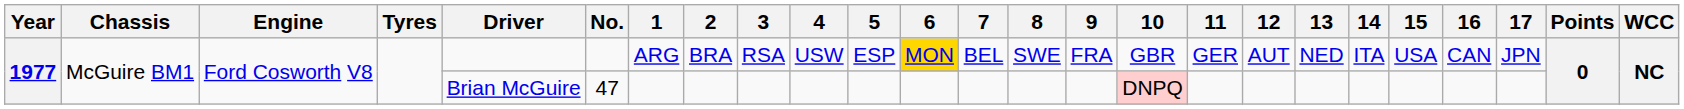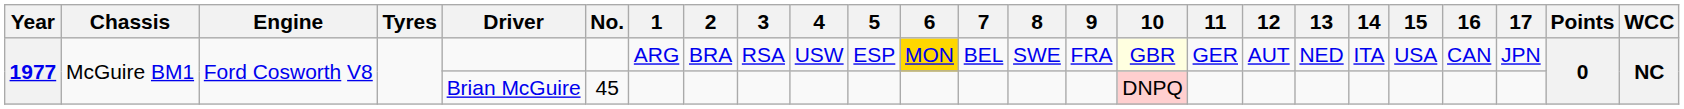 <table class="wikitable" style="text-align:center; font-size:95%">
 <tr>
 <th>Year</th>
 <th>Chassis</th>
 <th>Engine</th>
 <th>Tyres</th>
 <th>Driver</th>
 <th>No.</th>
 <th>1</th>
 <th>2</th>
 <th>3</th>
 <th>4</th>
 <th>5</th>
 <th>6</th>
 <th>7</th>
 <th>8</th>
 <th>9</th>
 <th>10</th>
 <th>11</th>
 <th>12</th>
 <th>13</th>
 <th>14</th>
 <th>15</th>
 <th>16</th>
 <th>17</th>
 <th>Points</th>
 <th>WCC</th>
 </tr>
 <tr>
 <th rowspan="2"><a href='#'>1977</a></th>
 <td rowspan="2">McGuire <a href='#'>BM1</a></td>
 <td rowspan="2"><a href='#'>Ford Cosworth</a> <a href='#'>V8</a></td>
 <td rowspan="2"></td>
 <td></td>
 <td></td>
 <td><a href='#'>ARG</a></td>
 <td><a href='#'>BRA</a></td>
 <td><a href='#'>RSA</a></td>
 <td><a href='#'>USW</a></td>
 <td><a href='#'>ESP</a></td>
 <td style="background: gold;"><a href='#'>MON</a></td>
 <td><a href='#'>BEL</a></td>
 <td><a href='#'>SWE</a></td>
 <td><a href='#'>FRA</a></td>
-<td><a href='#'>GBR</a></td>
+<td style="background: lightyellow;"><a href='#'>GBR</a></td>
 <td><a href='#'>GER</a></td>
 <td><a href='#'>AUT</a></td>
 <td><a href='#'>NED</a></td>
 <td><a href='#'>ITA</a></td>
 <td><a href='#'>USA</a></td>
 <td><a href='#'>CAN</a></td>
 <td><a href='#'>JPN</a></td>
 <th rowspan="2">0</th>
 <th rowspan="2">NC</th>
 </tr>
 <tr>
 <td><a href='#'>Brian McGuire</a></td>
-<td>47</td>
+<td>45</td>
 <td></td>
 <td></td>
 <td></td>
 <td></td>
 <td></td>
 <td></td>
 <td></td>
 <td></td>
 <td></td>
 <td style="background:#FFCFCF;">DNPQ</td>
 <td></td>
 <td></td>
 <td></td>
 <td></td>
 <td></td>
 <td></td>
 <td></td>
 </tr>
 </table>
